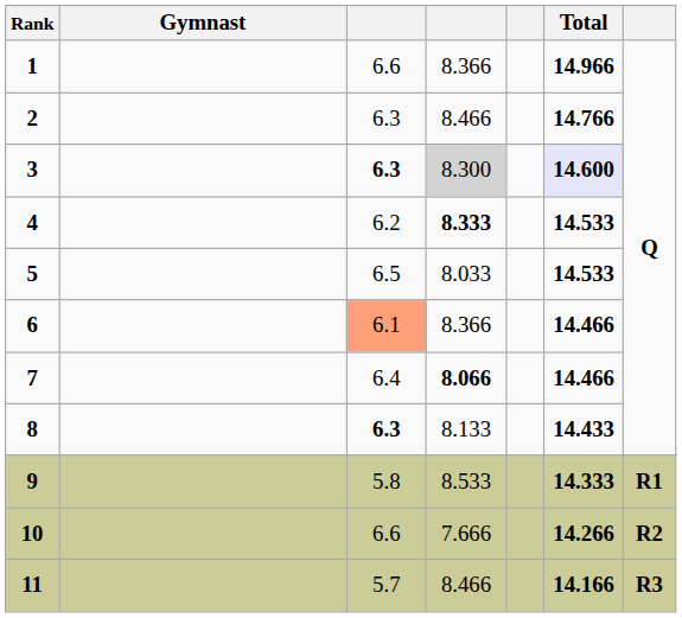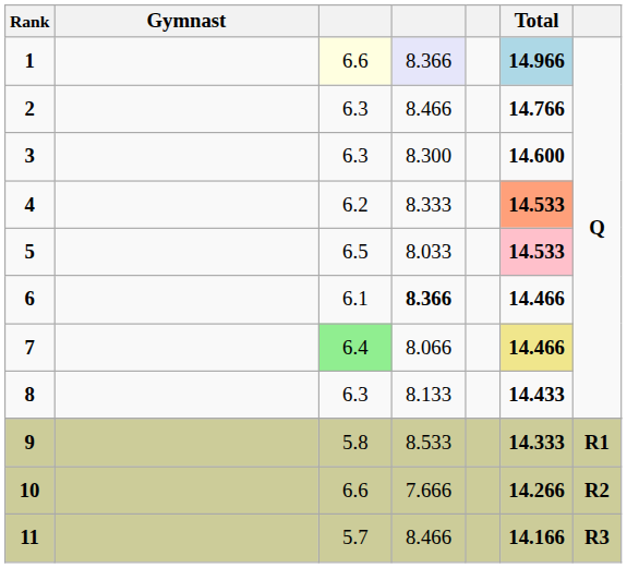 <table style="text-align:center;" class="wikitable sortable">
 <tr>
 <th scope="col" style="width:15px;"><small>Rank</small></th>
 <th scope="col" style="width:200px;">Gymnast</th>
 <th scope="col" style="width:50px;"><small></small></th>
 <th scope="col" style="width:50px;"><small></small></th>
 <th scope="col" style="width:20px;"><small></small></th>
 <th scope="col" style="width:50px;">Total</th>
 <th scope="col" style="width:30px;"><small></small></th>
 </tr>
 <tr>
 <td scope="row" style="text-align:center"><strong>1</strong></td>
 <td style="height:30px; text-align:left;"></td>
-<td>6.6</td>
-<td>8.366</td>
+<td style="background: lightyellow;">6.6</td>
+<td style="background: lavender;">8.366</td>
 <td></td>
-<td><strong>14.966</strong></td>
+<td style="background: lightblue;"><strong>14.966</strong></td>
 <td rowspan=8><strong>Q</strong></td>
 </tr>
 <tr>
 <td scope="row" style="text-align:center"><strong>2</strong></td>
 <td style="height:30px; text-align:left;"></td>
 <td>6.3</td>
 <td>8.466</td>
 <td></td>
 <td><strong>14.766</strong></td>
 </tr>
 <tr>
 <td scope="row" style="text-align:center"><strong>3</strong></td>
 <td style="height:30px; text-align:left;"></td>
-<td><strong>6.3</strong></td>
-<td style="background: lightgrey;">8.300</td>
+<td>6.3</td>
+<td>8.300</td>
 <td></td>
-<td style="background: lavender;"><strong>14.600</strong></td>
+<td><strong>14.600</strong></td>
 </tr>
 <tr>
 <td scope="row" style="text-align:center"><strong>4</strong></td>
 <td style="height:30px; text-align:left;"></td>
 <td>6.2</td>
-<td><strong>8.333</strong></td>
+<td>8.333</td>
 <td></td>
-<td><strong>14.533</strong></td>
+<td style="background: lightsalmon;"><strong>14.533</strong></td>
 </tr>
 <tr>
 <td scope="row" style="text-align:center"><strong>5</strong></td>
 <td style="height:30px; text-align:left;"></td>
 <td>6.5</td>
 <td>8.033</td>
 <td></td>
-<td><strong>14.533</strong></td>
+<td style="background: pink;"><strong>14.533</strong></td>
 </tr>
 <tr>
 <td scope="row" style="text-align:center"><strong>6</strong></td>
 <td style="height:30px; text-align:left;"></td>
-<td style="background: lightsalmon;">6.1</td>
-<td>8.366</td>
+<td>6.1</td>
+<td><strong>8.366</strong></td>
 <td></td>
 <td><strong>14.466</strong></td>
 </tr>
 <tr>
 <td scope="row" style="text-align:center"><strong>7</strong></td>
 <td style="height:30px; text-align:left;"></td>
-<td>6.4</td>
-<td><strong>8.066</strong></td>
+<td style="background: lightgreen;">6.4</td>
+<td>8.066</td>
 <td></td>
-<td><strong>14.466</strong></td>
+<td style="background: khaki;"><strong>14.466</strong></td>
 </tr>
 <tr>
 <td scope="row" style="text-align:center"><strong>8</strong></td>
 <td style="height:30px; text-align:left;"></td>
-<td><strong>6.3</strong></td>
+<td>6.3</td>
 <td>8.133</td>
 <td></td>
 <td><strong>14.433</strong></td>
 </tr>
 <tr>
 </tr>
 <tr style="background:#cccc99;">
 <td scope="row" style="text-align:center"><strong>9</strong></td>
 <td style="height:30px; text-align:left;"></td>
 <td>5.8</td>
 <td>8.533</td>
 <td></td>
 <td><strong>14.333</strong></td>
 <td><strong>R1</strong></td>
 </tr>
 <tr style="background:#cccc99;">
 <td scope="row" style="text-align:center"><strong>10</strong></td>
 <td style="height:30px; text-align:left;"></td>
 <td>6.6</td>
 <td>7.666</td>
 <td></td>
 <td><strong>14.266</strong></td>
 <td><strong>R2</strong></td>
 </tr>
 <tr style="background:#cccc99;">
 <td scope="row" style="text-align:center"><strong>11</strong></td>
 <td style="height:30px; text-align:left;"></td>
 <td>5.7</td>
 <td>8.466</td>
 <td></td>
 <td><strong>14.166</strong></td>
 <td><strong>R3</strong></td>
 </tr>
 </table>
